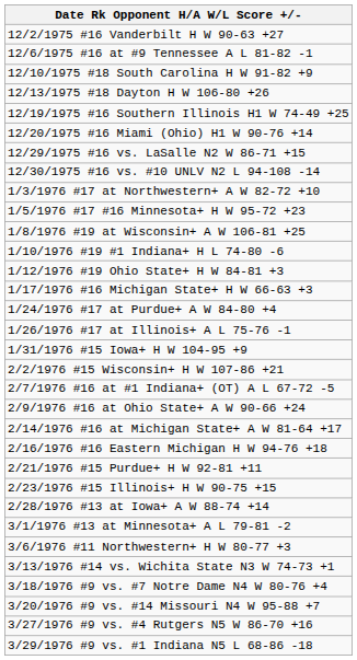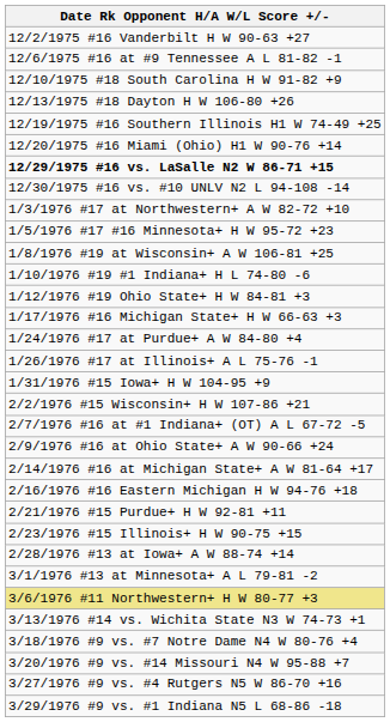 <table class="wikitable">
 <tr>
 <th>Date Rk Opponent H/A W/L Score +/-</th>
 </tr>
 <tr>
 <td>12/2/1975 #16 Vanderbilt H W 90-63 +27</td>
 </tr>
 <tr>
 <td>12/6/1975 #16 at #9 Tennessee A L 81-82 -1</td>
 </tr>
 <tr>
 <td>12/10/1975 #18 South Carolina H W 91-82 +9</td>
 </tr>
 <tr>
 <td>12/13/1975 #18 Dayton H W 106-80 +26</td>
 </tr>
 <tr>
 <td>12/19/1975 #16 Southern Illinois H1 W 74-49 +25</td>
 </tr>
 <tr>
 <td>12/20/1975 #16 Miami (Ohio) H1 W 90-76 +14</td>
 </tr>
 <tr>
-<td>12/29/1975 #16 vs. LaSalle N2 W 86-71 +15</td>
+<td><strong>12/29/1975 #16 vs. LaSalle N2 W 86-71 +15</strong></td>
 </tr>
 <tr>
 <td>12/30/1975 #16 vs. #10 UNLV N2 L 94-108 -14</td>
 </tr>
 <tr>
 <td>1/3/1976 #17 at Northwestern+ A W 82-72 +10</td>
 </tr>
 <tr>
 <td>1/5/1976 #17 #16 Minnesota+ H W 95-72 +23</td>
 </tr>
 <tr>
 <td>1/8/1976 #19 at Wisconsin+ A W 106-81 +25</td>
 </tr>
 <tr>
 <td>1/10/1976 #19 #1 Indiana+ H L 74-80 -6</td>
 </tr>
 <tr>
 <td>1/12/1976 #19 Ohio State+ H W 84-81 +3</td>
 </tr>
 <tr>
 <td>1/17/1976 #16 Michigan State+ H W 66-63 +3</td>
 </tr>
 <tr>
 <td>1/24/1976 #17 at Purdue+ A W 84-80 +4</td>
 </tr>
 <tr>
 <td>1/26/1976 #17 at Illinois+ A L 75-76 -1</td>
 </tr>
 <tr>
 <td>1/31/1976 #15 Iowa+ H W 104-95 +9</td>
 </tr>
 <tr>
 <td>2/2/1976 #15 Wisconsin+ H W 107-86 +21</td>
 </tr>
 <tr>
 <td>2/7/1976 #16 at #1 Indiana+ (OT) A L 67-72 -5</td>
 </tr>
 <tr>
 <td>2/9/1976 #16 at Ohio State+ A W 90-66 +24</td>
 </tr>
 <tr>
 <td>2/14/1976 #16 at Michigan State+ A W 81-64 +17</td>
 </tr>
 <tr>
 <td>2/16/1976 #16 Eastern Michigan H W 94-76 +18</td>
 </tr>
 <tr>
 <td>2/21/1976 #15 Purdue+ H W 92-81 +11</td>
 </tr>
 <tr>
 <td>2/23/1976 #15 Illinois+ H W 90-75 +15</td>
 </tr>
 <tr>
 <td>2/28/1976 #13 at Iowa+ A W 88-74 +14</td>
 </tr>
 <tr>
 <td>3/1/1976 #13 at Minnesota+ A L 79-81 -2</td>
 </tr>
 <tr>
-<td>3/6/1976 #11 Northwestern+ H W 80-77 +3</td>
+<td style="background: khaki;">3/6/1976 #11 Northwestern+ H W 80-77 +3</td>
 </tr>
 <tr>
 <td>3/13/1976 #14 vs. Wichita State N3 W 74-73 +1</td>
 </tr>
 <tr>
 <td>3/18/1976 #9 vs. #7 Notre Dame N4 W 80-76 +4</td>
 </tr>
 <tr>
 <td>3/20/1976 #9 vs. #14 Missouri N4 W 95-88 +7</td>
 </tr>
 <tr>
 <td>3/27/1976 #9 vs. #4 Rutgers N5 W 86-70 +16</td>
 </tr>
 <tr>
 <td>3/29/1976 #9 vs. #1 Indiana N5 L 68-86 -18</td>
 </tr>
 </table>
